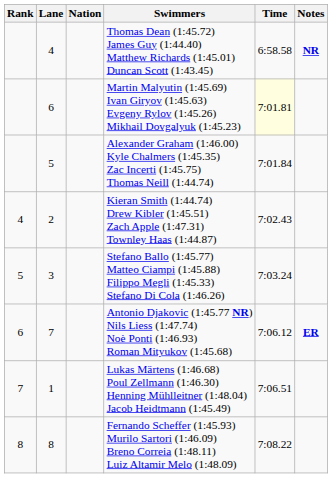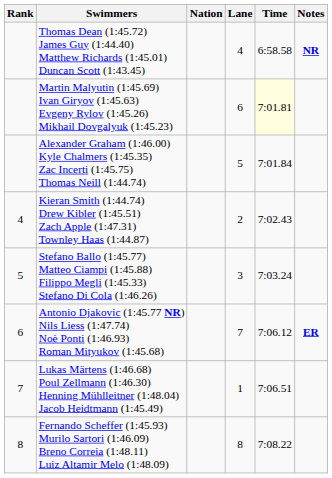 <table class="wikitable sortable" style="text-align:center">
 <tr>
 <th>Rank</th>
+<th>Swimmers</th>
+<th>Nation</th>
 <th>Lane</th>
-<th>Nation</th>
-<th>Swimmers</th>
 <th>Time</th>
 <th>Notes</th>
 </tr>
 <tr>
 <td></td>
+<td align=left><a href='#'>Thomas Dean</a> (1:45.72)<br><a href='#'>James Guy</a> (1:44.40)<br><a href='#'>Matthew Richards</a> (1:45.01)<br><a href='#'>Duncan Scott</a> (1:43.45)</td>
+<td align=left></td>
 <td>4</td>
-<td align=left></td>
-<td align=left><a href='#'>Thomas Dean</a> (1:45.72)<br><a href='#'>James Guy</a> (1:44.40)<br><a href='#'>Matthew Richards</a> (1:45.01)<br><a href='#'>Duncan Scott</a> (1:43.45)</td>
 <td>6:58.58</td>
 <td><strong><a href='#'>NR</a></strong></td>
 </tr>
 <tr>
 <td></td>
+<td align=left><a href='#'>Martin Malyutin</a> (1:45.69)<br><a href='#'>Ivan Giryov</a> (1:45.63)<br><a href='#'>Evgeny Rylov</a> (1:45.26)<br><a href='#'>Mikhail Dovgalyuk</a> (1:45.23)</td>
+<td align=left></td>
 <td>6</td>
-<td align=left></td>
-<td align=left><a href='#'>Martin Malyutin</a> (1:45.69)<br><a href='#'>Ivan Giryov</a> (1:45.63)<br><a href='#'>Evgeny Rylov</a> (1:45.26)<br><a href='#'>Mikhail Dovgalyuk</a> (1:45.23)</td>
 <td style="background: lightyellow;">7:01.81</td>
 <td></td>
 </tr>
 <tr>
 <td></td>
+<td align=left><a href='#'>Alexander Graham</a> (1:46.00)<br><a href='#'>Kyle Chalmers</a> (1:45.35)<br><a href='#'>Zac Incerti</a> (1:45.75)<br><a href='#'>Thomas Neill</a> (1:44.74)</td>
+<td align=left></td>
 <td>5</td>
-<td align=left></td>
-<td align=left><a href='#'>Alexander Graham</a> (1:46.00)<br><a href='#'>Kyle Chalmers</a> (1:45.35)<br><a href='#'>Zac Incerti</a> (1:45.75)<br><a href='#'>Thomas Neill</a> (1:44.74)</td>
 <td>7:01.84</td>
 <td></td>
 </tr>
 <tr>
 <td>4</td>
+<td align=left><a href='#'>Kieran Smith</a> (1:44.74)<br><a href='#'>Drew Kibler</a> (1:45.51)<br><a href='#'>Zach Apple</a> (1:47.31)<br><a href='#'>Townley Haas</a> (1:44.87)</td>
+<td align=left></td>
 <td>2</td>
-<td align=left></td>
-<td align=left><a href='#'>Kieran Smith</a> (1:44.74)<br><a href='#'>Drew Kibler</a> (1:45.51)<br><a href='#'>Zach Apple</a> (1:47.31)<br><a href='#'>Townley Haas</a> (1:44.87)</td>
 <td>7:02.43</td>
 <td></td>
 </tr>
 <tr>
 <td>5</td>
+<td align=left><a href='#'>Stefano Ballo</a> (1:45.77)<br><a href='#'>Matteo Ciampi</a> (1:45.88)<br><a href='#'>Filippo Megli</a> (1:45.33)<br><a href='#'>Stefano Di Cola</a> (1:46.26)</td>
+<td align=left></td>
 <td>3</td>
-<td align=left></td>
-<td align=left><a href='#'>Stefano Ballo</a> (1:45.77)<br><a href='#'>Matteo Ciampi</a> (1:45.88)<br><a href='#'>Filippo Megli</a> (1:45.33)<br><a href='#'>Stefano Di Cola</a> (1:46.26)</td>
 <td>7:03.24</td>
 <td></td>
 </tr>
 <tr>
 <td>6</td>
+<td align=left><a href='#'>Antonio Djakovic</a> (1:45.77 <strong><a href='#'>NR</a></strong>)<br><a href='#'>Nils Liess</a> (1:47.74)<br><a href='#'>Noè Ponti</a> (1:46.93)<br><a href='#'>Roman Mityukov</a> (1:45.68)</td>
+<td align=left></td>
 <td>7</td>
-<td align=left></td>
-<td align=left><a href='#'>Antonio Djakovic</a> (1:45.77 <strong><a href='#'>NR</a></strong>)<br><a href='#'>Nils Liess</a> (1:47.74)<br><a href='#'>Noè Ponti</a> (1:46.93)<br><a href='#'>Roman Mityukov</a> (1:45.68)</td>
 <td>7:06.12</td>
 <td><strong><a href='#'>ER</a></strong></td>
 </tr>
 <tr>
 <td>7</td>
+<td align=left><a href='#'>Lukas Märtens</a> (1:46.68)<br><a href='#'>Poul Zellmann</a> (1:46.30)<br><a href='#'>Henning Mühlleitner</a> (1:48.04)<br><a href='#'>Jacob Heidtmann</a> (1:45.49)</td>
+<td align=left></td>
 <td>1</td>
-<td align=left></td>
-<td align=left><a href='#'>Lukas Märtens</a> (1:46.68)<br><a href='#'>Poul Zellmann</a> (1:46.30)<br><a href='#'>Henning Mühlleitner</a> (1:48.04)<br><a href='#'>Jacob Heidtmann</a> (1:45.49)</td>
 <td>7:06.51</td>
 <td></td>
 </tr>
 <tr>
 <td>8</td>
+<td align=left><a href='#'>Fernando Scheffer</a> (1:45.93)<br><a href='#'>Murilo Sartori</a> (1:46.09)<br><a href='#'>Breno Correia</a> (1:48.11)<br><a href='#'>Luiz Altamir Melo</a> (1:48.09)</td>
+<td align=left></td>
 <td>8</td>
-<td align=left></td>
-<td align=left><a href='#'>Fernando Scheffer</a> (1:45.93)<br><a href='#'>Murilo Sartori</a> (1:46.09)<br><a href='#'>Breno Correia</a> (1:48.11)<br><a href='#'>Luiz Altamir Melo</a> (1:48.09)</td>
 <td>7:08.22</td>
 <td></td>
 </tr>
 </table>
